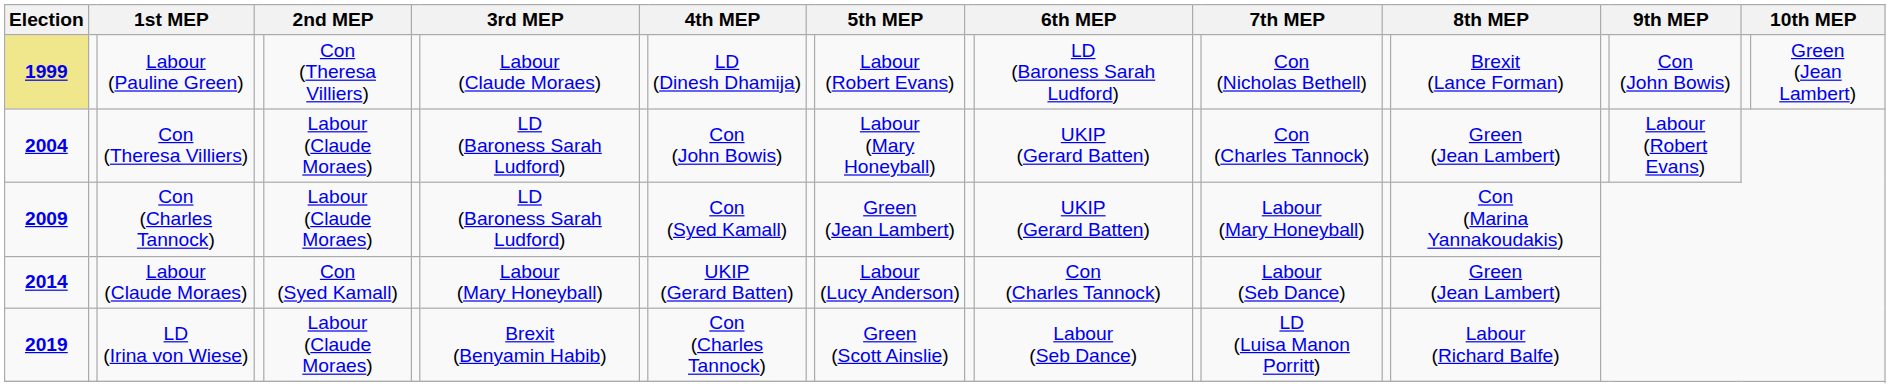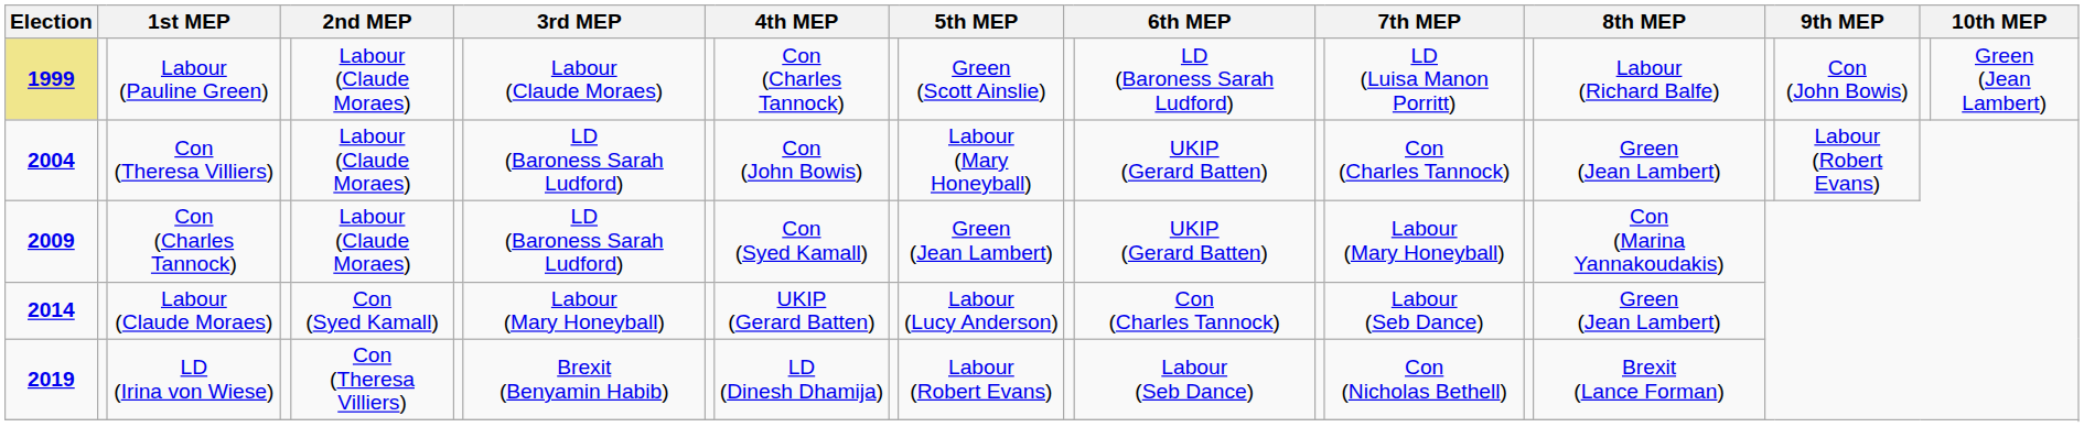 <table class="wikitable" style="text-align:center">
 <tr>
 <th>Election</th>
 <th colspan="2">1st MEP</th>
 <th colspan="2">2nd MEP</th>
 <th colspan="2">3rd MEP</th>
 <th colspan="2">4th MEP</th>
 <th colspan="2">5th MEP</th>
 <th colspan="2">6th MEP</th>
 <th colspan="2">7th MEP</th>
 <th colspan="2">8th MEP</th>
 <th colspan="2">9th MEP</th>
 <th colspan="2">10th MEP</th>
 </tr>
 <tr>
 <td style="background: khaki;"><strong><a href='#'>1999</a></strong></td>
 <td></td>
 <td rowspan="1"><a href='#'>Labour</a><br>(<a href='#'>Pauline Green</a>)</td>
 <td></td>
-<td rowspan="1"><a href='#'>Con</a><br>(<a href='#'>Theresa Villiers</a>)</td>
+<td rowspan="1"><a href='#'>Labour</a><br>(<a href='#'>Claude Moraes</a>)</td>
 <td></td>
 <td rowspan="1"><a href='#'>Labour</a><br>(<a href='#'>Claude Moraes</a>)</td>
 <td></td>
-<td rowspan="1"><a href='#'>LD</a><br>(<a href='#'>Dinesh Dhamija</a>)</td>
+<td rowspan="1"><a href='#'>Con</a><br>(<a href='#'>Charles Tannock</a>)</td>
 <td></td>
-<td rowspan="1"><a href='#'>Labour</a><br>(<a href='#'>Robert Evans</a>)</td>
+<td rowspan="1"><a href='#'>Green</a><br>(<a href='#'>Scott Ainslie</a>)</td>
 <td></td>
 <td rowspan="1"><a href='#'>LD</a><br>(<a href='#'>Baroness Sarah Ludford</a>)</td>
 <td></td>
-<td rowspan="1"><a href='#'>Con</a><br>(<a href='#'>Nicholas Bethell</a>)</td>
+<td rowspan="1"><a href='#'>LD</a><br>(<a href='#'>Luisa Manon Porritt</a>)</td>
 <td></td>
-<td rowspan="1"><a href='#'>Brexit</a><br>(<a href='#'>Lance Forman</a>)</td>
+<td rowspan="1"><a href='#'>Labour</a><br>(<a href='#'>Richard Balfe</a>)</td>
 <td></td>
 <td rowspan="1"><a href='#'>Con</a><br>(<a href='#'>John Bowis</a>)</td>
 <td></td>
 <td rowspan="1"><a href='#'>Green</a><br>(<a href='#'>Jean Lambert</a>)</td>
 </tr>
 <tr>
 <td><strong><a href='#'>2004</a></strong></td>
 <td></td>
 <td rowspan="1"><a href='#'>Con</a><br>(<a href='#'>Theresa Villiers</a>)</td>
 <td></td>
 <td rowspan="1"><a href='#'>Labour</a><br>(<a href='#'>Claude Moraes</a>)</td>
 <td></td>
 <td rowspan="1"><a href='#'>LD</a><br>(<a href='#'>Baroness Sarah Ludford</a>)</td>
 <td></td>
 <td rowspan="1"><a href='#'>Con</a><br>(<a href='#'>John Bowis</a>)</td>
 <td></td>
 <td rowspan="1"><a href='#'>Labour</a><br>(<a href='#'>Mary Honeyball</a>)</td>
 <td></td>
 <td rowspan="1"><a href='#'>UKIP</a><br>(<a href='#'>Gerard Batten</a>)</td>
 <td></td>
 <td rowspan="1"><a href='#'>Con</a><br>(<a href='#'>Charles Tannock</a>)</td>
 <td></td>
 <td rowspan="1"><a href='#'>Green</a><br>(<a href='#'>Jean Lambert</a>)</td>
 <td></td>
 <td rowspan="1"><a href='#'>Labour</a><br>(<a href='#'>Robert Evans</a>)</td>
 </tr>
 <tr>
 <td><strong><a href='#'>2009</a></strong></td>
 <td></td>
 <td rowspan="1"><a href='#'>Con</a><br>(<a href='#'>Charles Tannock</a>)</td>
 <td></td>
 <td rowspan="1"><a href='#'>Labour</a><br>(<a href='#'>Claude Moraes</a>)</td>
 <td></td>
 <td rowspan="1"><a href='#'>LD</a><br>(<a href='#'>Baroness Sarah Ludford</a>)</td>
 <td></td>
 <td rowspan="1"><a href='#'>Con</a><br>(<a href='#'>Syed Kamall</a>)</td>
 <td></td>
 <td rowspan="1"><a href='#'>Green</a><br>(<a href='#'>Jean Lambert</a>)</td>
 <td></td>
 <td rowspan="1"><a href='#'>UKIP</a><br>(<a href='#'>Gerard Batten</a>)</td>
 <td></td>
 <td rowspan="1"><a href='#'>Labour</a><br>(<a href='#'>Mary Honeyball</a>)</td>
 <td></td>
 <td rowspan="1"><a href='#'>Con</a><br>(<a href='#'>Marina Yannakoudakis</a>)</td>
 </tr>
 <tr>
 <td><strong><a href='#'>2014</a></strong></td>
 <td></td>
 <td rowspan="1"><a href='#'>Labour</a><br>(<a href='#'>Claude Moraes</a>)</td>
 <td></td>
 <td rowspan="1"><a href='#'>Con</a><br>(<a href='#'>Syed Kamall</a>)</td>
 <td></td>
 <td rowspan="1"><a href='#'>Labour</a><br>(<a href='#'>Mary Honeyball</a>)</td>
 <td></td>
 <td rowspan="1"><a href='#'>UKIP</a><br>(<a href='#'>Gerard Batten</a>)</td>
 <td></td>
 <td rowspan="1"><a href='#'>Labour</a><br>(<a href='#'>Lucy Anderson</a>)</td>
 <td></td>
 <td rowspan="1"><a href='#'>Con</a><br>(<a href='#'>Charles Tannock</a>)</td>
 <td></td>
 <td rowspan="1"><a href='#'>Labour</a><br>(<a href='#'>Seb Dance</a>)</td>
 <td></td>
 <td rowspan="1"><a href='#'>Green</a><br>(<a href='#'>Jean Lambert</a>)</td>
 </tr>
 <tr>
 <td><strong><a href='#'>2019</a></strong></td>
 <td></td>
 <td rowspan="1"><a href='#'>LD</a><br>(<a href='#'>Irina von Wiese</a>)</td>
 <td></td>
-<td rowspan="1"><a href='#'>Labour</a><br>(<a href='#'>Claude Moraes</a>)</td>
+<td rowspan="1"><a href='#'>Con</a><br>(<a href='#'>Theresa Villiers</a>)</td>
 <td></td>
 <td rowspan="1"><a href='#'>Brexit</a><br>(<a href='#'>Benyamin Habib</a>)</td>
 <td></td>
-<td rowspan="1"><a href='#'>Con</a><br>(<a href='#'>Charles Tannock</a>)</td>
+<td rowspan="1"><a href='#'>LD</a><br>(<a href='#'>Dinesh Dhamija</a>)</td>
 <td></td>
-<td rowspan="1"><a href='#'>Green</a><br>(<a href='#'>Scott Ainslie</a>)</td>
+<td rowspan="1"><a href='#'>Labour</a><br>(<a href='#'>Robert Evans</a>)</td>
 <td></td>
 <td rowspan="1"><a href='#'>Labour</a><br>(<a href='#'>Seb Dance</a>)</td>
 <td></td>
-<td rowspan="1"><a href='#'>LD</a><br>(<a href='#'>Luisa Manon Porritt</a>)</td>
+<td rowspan="1"><a href='#'>Con</a><br>(<a href='#'>Nicholas Bethell</a>)</td>
 <td></td>
-<td rowspan="1"><a href='#'>Labour</a><br>(<a href='#'>Richard Balfe</a>)</td>
+<td rowspan="1"><a href='#'>Brexit</a><br>(<a href='#'>Lance Forman</a>)</td>
 </tr>
 <tr>
 </tr>
 </table>
